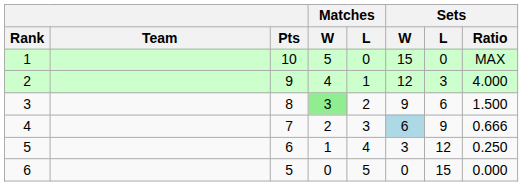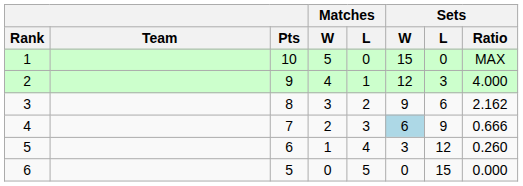 <table class="wikitable" style="text-align:center; font-size:90%">
 <tr>
 <th colspan=3></th>
 <th colspan=2>Matches</th>
 <th colspan=3>Sets</th>
 </tr>
 <tr>
 <th width=40>Rank</th>
 <th width=220>Team</th>
 <th width=33>Pts</th>
 <th width=33>W</th>
 <th width=33>L</th>
 <th width=33>W</th>
 <th width=33>L</th>
 <th width=50>Ratio</th>
 </tr>
 <tr style="background: #ccffcc">
 <td>1</td>
 <td align=left></td>
 <td>10</td>
 <td>5</td>
 <td>0</td>
 <td>15</td>
 <td>0</td>
 <td>MAX</td>
 </tr>
 <tr style="background: #ccffcc">
 <td>2</td>
 <td align=left></td>
 <td>9</td>
 <td>4</td>
 <td>1</td>
 <td>12</td>
 <td>3</td>
 <td>4.000</td>
 </tr>
 <tr>
 <td>3</td>
 <td align=left></td>
 <td>8</td>
-<td style="background: lightgreen;">3</td>
+<td>3</td>
 <td>2</td>
 <td>9</td>
 <td>6</td>
-<td>1.500</td>
+<td>2.162</td>
 </tr>
 <tr>
 <td>4</td>
 <td align=left></td>
 <td>7</td>
 <td>2</td>
 <td>3</td>
 <td style="background: lightblue;">6</td>
 <td>9</td>
 <td>0.666</td>
 </tr>
 <tr>
 <td>5</td>
 <td align=left></td>
 <td>6</td>
 <td>1</td>
 <td>4</td>
 <td>3</td>
 <td>12</td>
-<td>0.250</td>
+<td>0.260</td>
 </tr>
 <tr>
 <td>6</td>
 <td align=left></td>
 <td>5</td>
 <td>0</td>
 <td>5</td>
 <td>0</td>
 <td>15</td>
 <td>0.000</td>
 </tr>
 </table>
